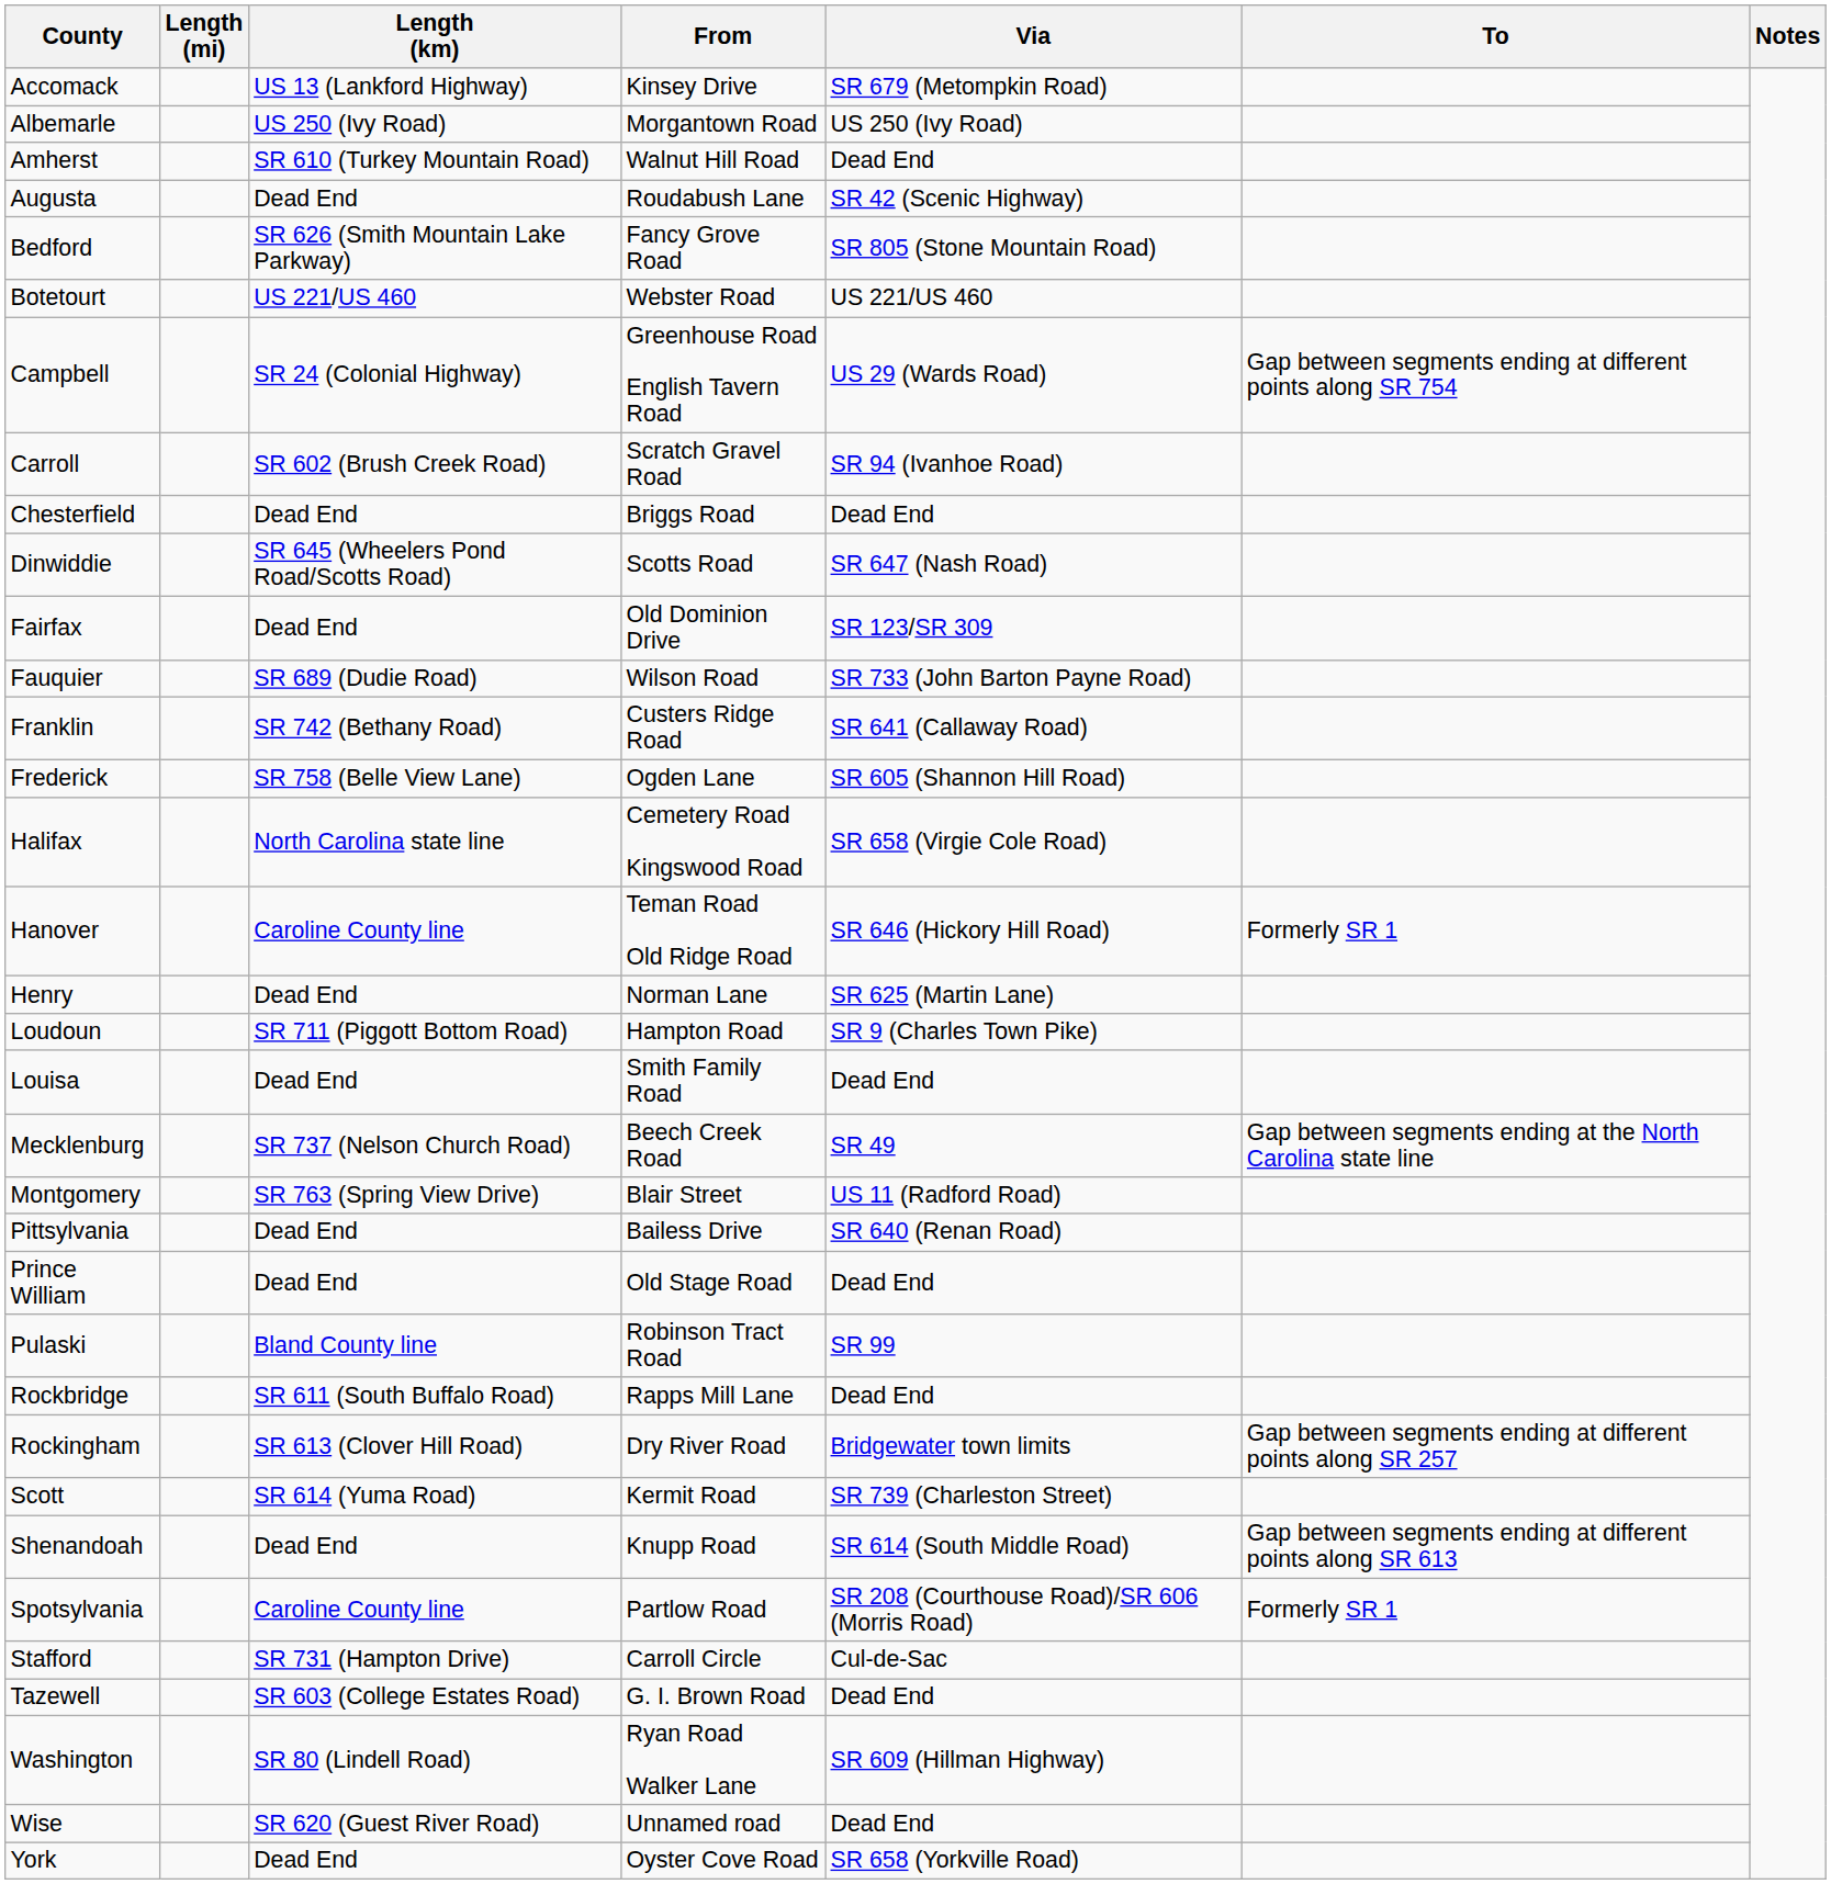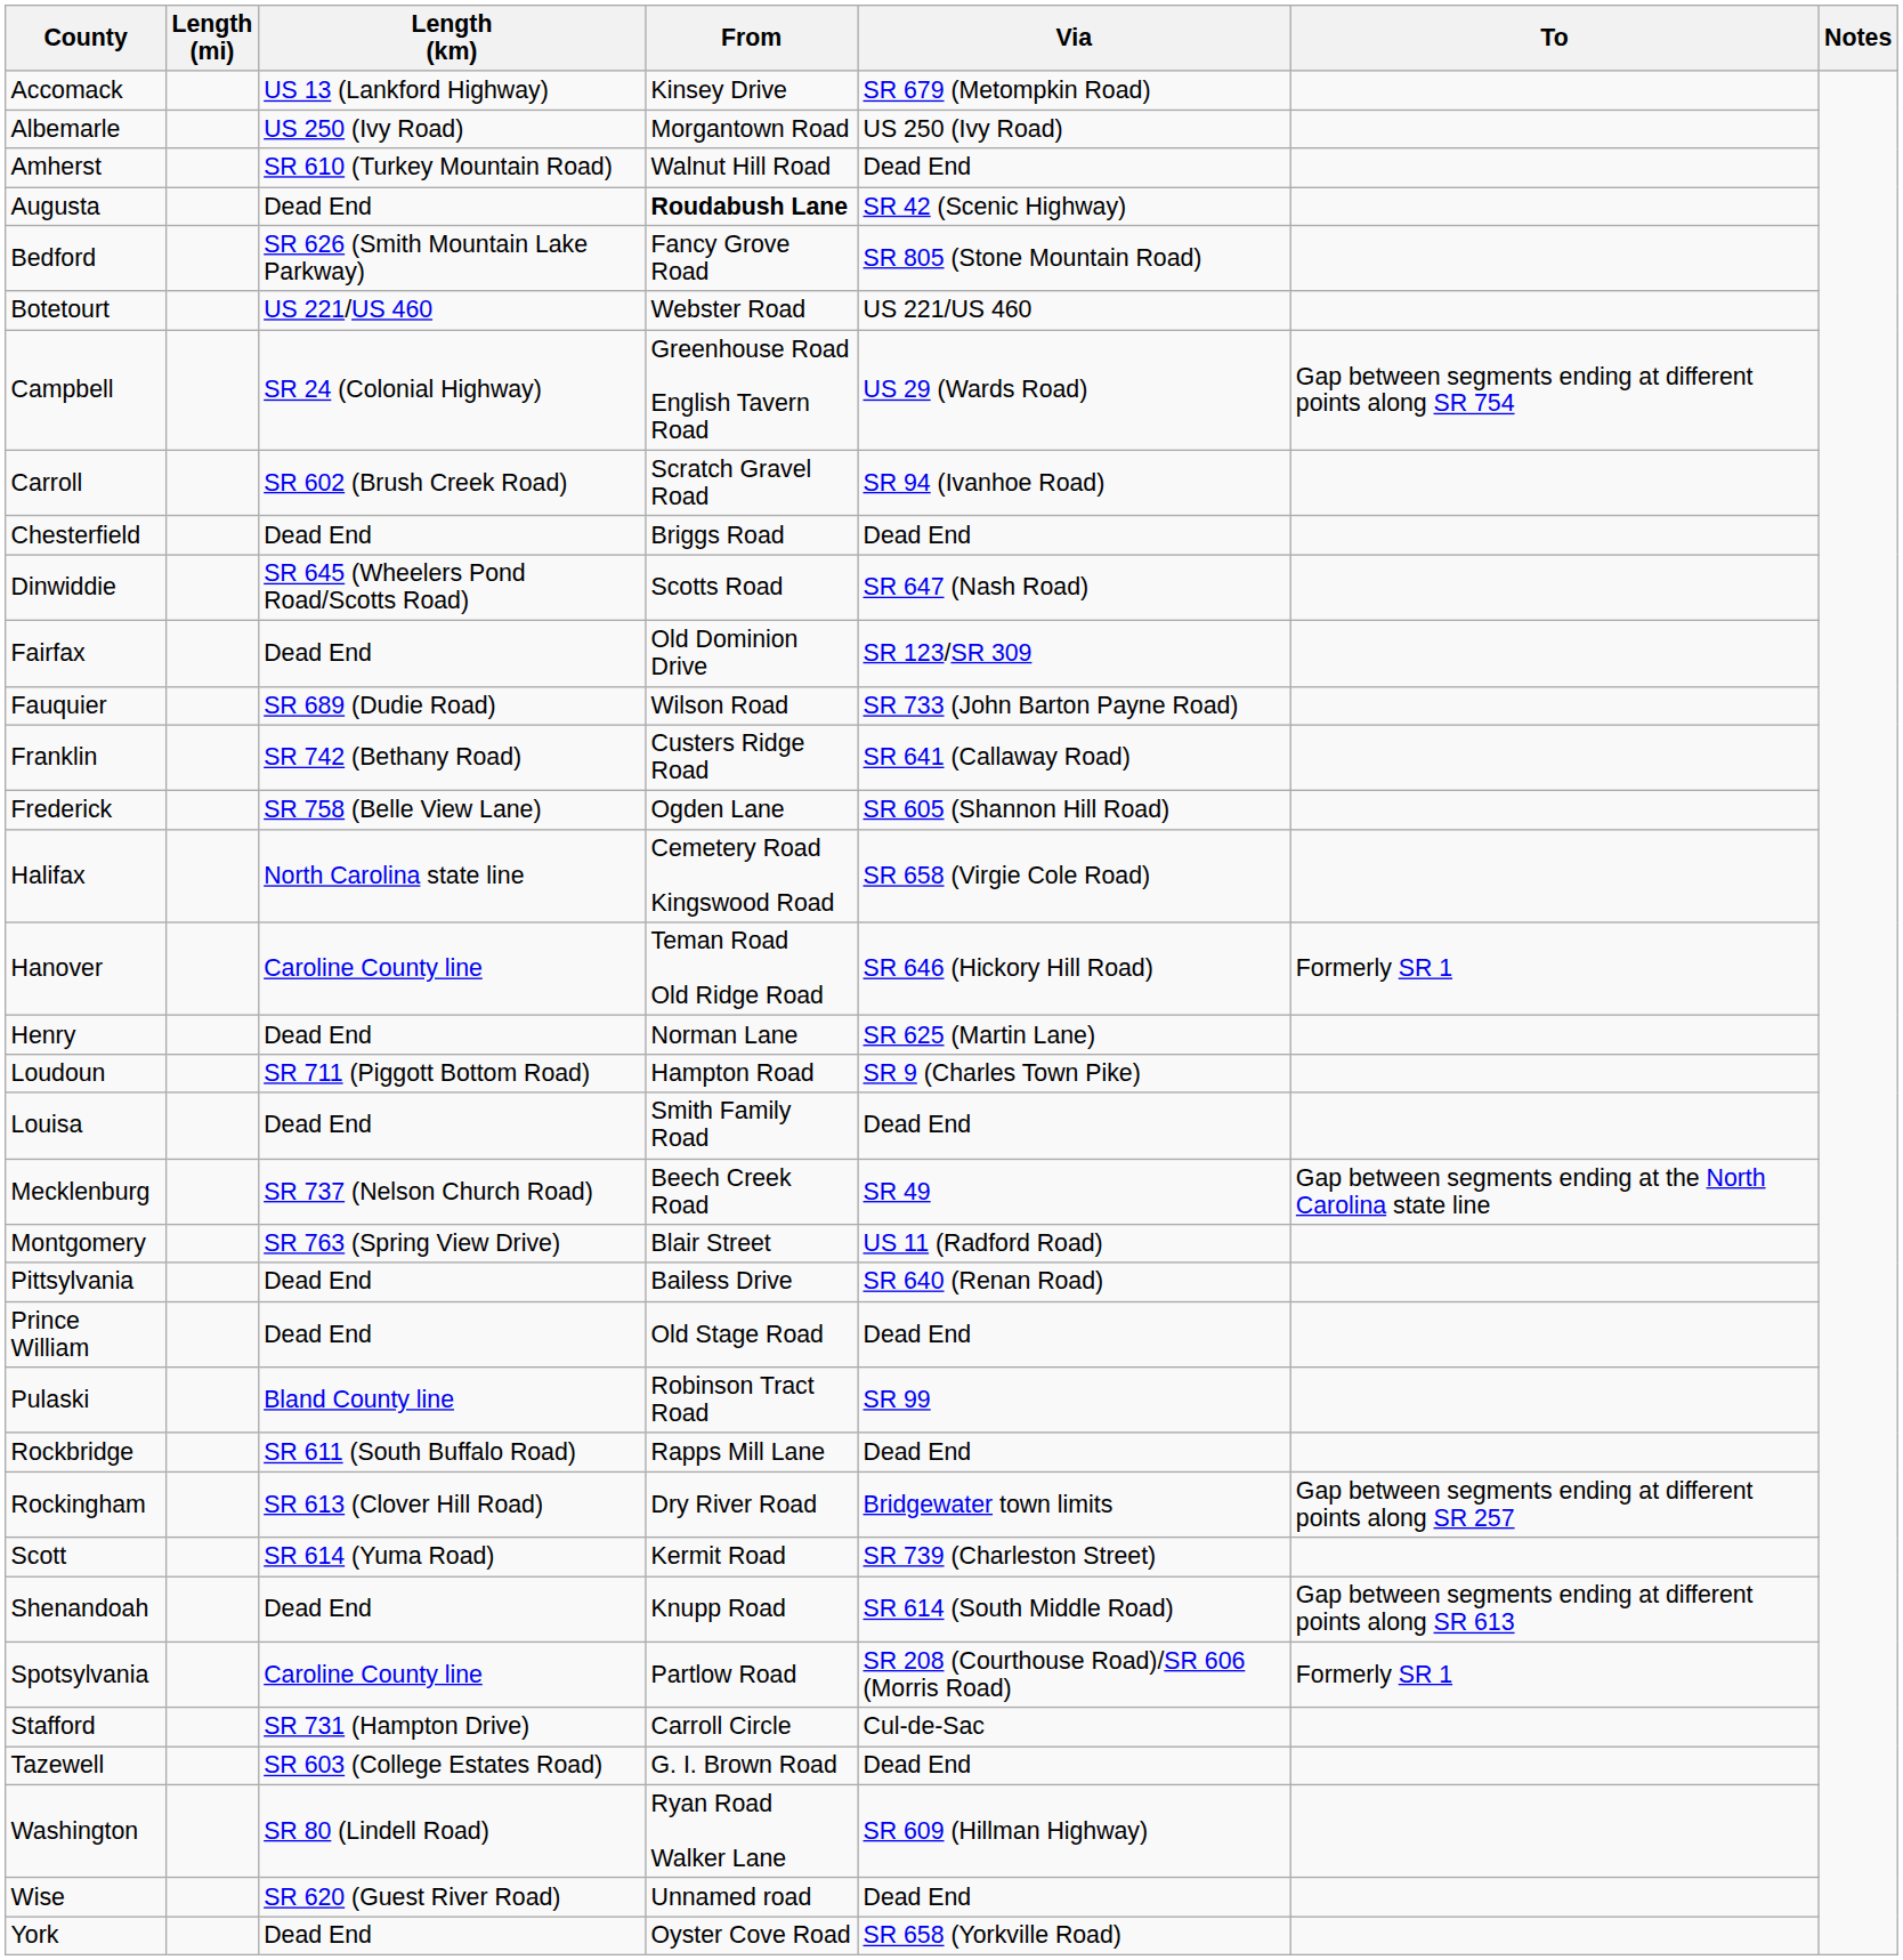 <table class="wikitable sortable">
 <tr>
 <th>County</th>
 <th>Length<br>(mi)</th>
 <th>Length<br>(km)</th>
 <th class="unsortable">From</th>
 <th class="unsortable">Via</th>
 <th class="unsortable">To</th>
 <th class="unsortable">Notes</th>
 </tr>
 <tr>
 <td id="Accomack">Accomack</td>
 <td></td>
 <td><a href='#'>US 13</a> (Lankford Highway)</td>
 <td>Kinsey Drive</td>
 <td><a href='#'>SR 679</a> (Metompkin Road)</td>
 <td></td>
 </tr>
 <tr>
 <td id="Albemarle">Albemarle</td>
 <td></td>
 <td><a href='#'>US 250</a> (Ivy Road)</td>
 <td>Morgantown Road</td>
 <td>US 250 (Ivy Road)</td>
 <td><br> </td>
 </tr>
 <tr>
 <td id="Amherst">Amherst</td>
 <td></td>
 <td><a href='#'>SR 610</a> (Turkey Mountain Road)</td>
 <td>Walnut Hill Road</td>
 <td>Dead End</td>
 <td><br> </td>
 </tr>
 <tr>
 <td id="Augusta">Augusta</td>
 <td></td>
 <td>Dead End</td>
-<td>Roudabush Lane</td>
+<td><strong>Roudabush Lane</strong></td>
 <td><a href='#'>SR 42</a> (Scenic Highway)</td>
 <td><br></td>
 </tr>
 <tr>
 <td id="Bedford">Bedford</td>
 <td></td>
 <td><a href='#'>SR 626</a> (Smith Mountain Lake Parkway)</td>
 <td>Fancy Grove Road</td>
 <td><a href='#'>SR 805</a> (Stone Mountain Road)</td>
 <td><br></td>
 </tr>
 <tr>
 <td id="Botetourt">Botetourt</td>
 <td></td>
 <td><a href='#'>US 221</a>/<a href='#'>US 460</a></td>
 <td>Webster Road</td>
 <td>US 221/US 460</td>
 <td><br>  </td>
 </tr>
 <tr>
 <td id="Campbell">Campbell</td>
 <td></td>
 <td><a href='#'>SR 24</a> (Colonial Highway)</td>
 <td>Greenhouse Road<br><br>English Tavern Road</td>
 <td><a href='#'>US 29</a> (Wards Road)</td>
 <td>Gap between segments ending at different points along <a href='#'>SR 754</a><br></td>
 </tr>
 <tr>
 <td id="Carroll">Carroll</td>
 <td></td>
 <td><a href='#'>SR 602</a> (Brush Creek Road)</td>
 <td>Scratch Gravel Road</td>
 <td><a href='#'>SR 94</a> (Ivanhoe Road)</td>
 <td><br> </td>
 </tr>
 <tr>
 <td id="Chesterfield">Chesterfield</td>
 <td></td>
 <td>Dead End</td>
 <td>Briggs Road</td>
 <td>Dead End</td>
 <td><br>    </td>
 </tr>
 <tr>
 <td id="Dinwiddie">Dinwiddie</td>
 <td></td>
 <td><a href='#'>SR 645</a> (Wheelers Pond Road/Scotts Road)</td>
 <td>Scotts Road</td>
 <td><a href='#'>SR 647</a> (Nash Road)</td>
 <td><br></td>
 </tr>
 <tr>
 <td id="Fairfax">Fairfax</td>
 <td></td>
 <td>Dead End</td>
 <td>Old Dominion Drive</td>
 <td><a href='#'>SR 123</a>/<a href='#'>SR 309</a></td>
 <td></td>
 </tr>
 <tr>
 <td id="Fauquier">Fauquier</td>
 <td></td>
 <td><a href='#'>SR 689</a> (Dudie Road)</td>
 <td>Wilson Road</td>
 <td><a href='#'>SR 733</a> (John Barton Payne Road)</td>
 <td><br> </td>
 </tr>
 <tr>
 <td id="Franklin">Franklin</td>
 <td></td>
 <td><a href='#'>SR 742</a> (Bethany Road)</td>
 <td>Custers Ridge Road</td>
 <td><a href='#'>SR 641</a> (Callaway Road)</td>
 <td></td>
 </tr>
 <tr>
 <td id="Frederick">Frederick</td>
 <td></td>
 <td><a href='#'>SR 758</a> (Belle View Lane)</td>
 <td>Ogden Lane</td>
 <td><a href='#'>SR 605</a> (Shannon Hill Road)</td>
 <td><br>     </td>
 </tr>
 <tr>
 <td id="Halifax">Halifax</td>
 <td></td>
 <td><a href='#'>North Carolina</a> state line</td>
 <td>Cemetery Road<br><br>Kingswood Road</td>
 <td><a href='#'>SR 658</a> (Virgie Cole Road)</td>
 <td></td>
 </tr>
 <tr>
 <td id="Hanover">Hanover</td>
 <td></td>
 <td><a href='#'>Caroline County line</a></td>
 <td>Teman Road<br><br>Old Ridge Road</td>
 <td><a href='#'>SR 646</a> (Hickory Hill Road)</td>
 <td>Formerly <a href='#'>SR 1</a><br></td>
 </tr>
 <tr>
 <td id="Henry">Henry</td>
 <td></td>
 <td>Dead End</td>
 <td>Norman Lane</td>
 <td><a href='#'>SR 625</a> (Martin Lane)</td>
 <td><br>       </td>
 </tr>
 <tr>
 <td id="Loudoun">Loudoun</td>
 <td></td>
 <td><a href='#'>SR 711</a> (Piggott Bottom Road)</td>
 <td>Hampton Road</td>
 <td><a href='#'>SR 9</a> (Charles Town Pike)</td>
 <td></td>
 </tr>
 <tr>
 <td id="Louisa">Louisa</td>
 <td></td>
 <td>Dead End</td>
 <td>Smith Family Road</td>
 <td>Dead End</td>
 <td><br>  </td>
 </tr>
 <tr>
 <td id="Mecklenburg">Mecklenburg</td>
 <td></td>
 <td><a href='#'>SR 737</a> (Nelson Church Road)</td>
 <td>Beech Creek Road</td>
 <td><a href='#'>SR 49</a></td>
 <td>Gap between segments ending at the <a href='#'>North Carolina</a> state line<br></td>
 </tr>
 <tr>
 <td id="Montgomery">Montgomery</td>
 <td></td>
 <td><a href='#'>SR 763</a> (Spring View Drive)</td>
 <td>Blair Street</td>
 <td><a href='#'>US 11</a> (Radford Road)</td>
 <td><br>       </td>
 </tr>
 <tr>
 <td id="Pittsylvania">Pittsylvania</td>
 <td></td>
 <td>Dead End</td>
 <td>Bailess Drive</td>
 <td><a href='#'>SR 640</a> (Renan Road)</td>
 <td><br>  </td>
 </tr>
 <tr>
 <td id="Prince William">Prince William</td>
 <td></td>
 <td>Dead End</td>
 <td>Old Stage Road</td>
 <td>Dead End</td>
 <td></td>
 </tr>
 <tr>
 <td id="Pulaski">Pulaski</td>
 <td></td>
 <td><a href='#'>Bland County line</a></td>
 <td>Robinson Tract Road</td>
 <td><a href='#'>SR 99</a></td>
 <td><br>  </td>
 </tr>
 <tr>
 <td id="Rockbridge">Rockbridge</td>
 <td></td>
 <td><a href='#'>SR 611</a> (South Buffalo Road)</td>
 <td>Rapps Mill Lane</td>
 <td>Dead End</td>
 <td></td>
 </tr>
 <tr>
 <td id="Rockingham">Rockingham</td>
 <td></td>
 <td><a href='#'>SR 613</a> (Clover Hill Road)</td>
 <td>Dry River Road</td>
 <td><a href='#'>Bridgewater</a> town limits</td>
 <td>Gap between segments ending at different points along <a href='#'>SR 257</a><br></td>
 </tr>
 <tr>
 <td id="Scott">Scott</td>
 <td></td>
 <td><a href='#'>SR 614</a> (Yuma Road)</td>
 <td>Kermit Road</td>
 <td><a href='#'>SR 739</a> (Charleston Street)</td>
 <td></td>
 </tr>
 <tr>
 <td id="Shenandoah">Shenandoah</td>
 <td></td>
 <td>Dead End</td>
 <td>Knupp Road</td>
 <td><a href='#'>SR 614</a> (South Middle Road)</td>
 <td>Gap between segments ending at different points along <a href='#'>SR 613</a><br> </td>
 </tr>
 <tr>
 <td id="Spotsylvania">Spotsylvania</td>
 <td></td>
 <td><a href='#'>Caroline County line</a></td>
 <td>Partlow Road</td>
 <td><a href='#'>SR 208</a> (Courthouse Road)/<a href='#'>SR 606</a> (Morris Road)</td>
 <td>Formerly <a href='#'>SR 1</a></td>
 </tr>
 <tr>
 <td id="Stafford">Stafford</td>
 <td></td>
 <td><a href='#'>SR 731</a> (Hampton Drive)</td>
 <td>Carroll Circle</td>
 <td>Cul-de-Sac</td>
 <td><br> </td>
 </tr>
 <tr>
 <td id="Tazewell">Tazewell</td>
 <td></td>
 <td><a href='#'>SR 603</a> (College Estates Road)</td>
 <td>G. I. Brown Road</td>
 <td>Dead End</td>
 <td><br></td>
 </tr>
 <tr>
 <td id="Washington">Washington</td>
 <td></td>
 <td><a href='#'>SR 80</a> (Lindell Road)</td>
 <td>Ryan Road<br><br>Walker Lane</td>
 <td><a href='#'>SR 609</a> (Hillman Highway)</td>
 <td><br></td>
 </tr>
 <tr>
 <td id="Wise">Wise</td>
 <td></td>
 <td><a href='#'>SR 620</a> (Guest River Road)</td>
 <td>Unnamed road</td>
 <td>Dead End</td>
 <td><br></td>
 </tr>
 <tr>
 <td id="York">York</td>
 <td></td>
 <td>Dead End</td>
 <td>Oyster Cove Road</td>
 <td><a href='#'>SR 658</a> (Yorkville Road)</td>
 <td></td>
 </tr>
 </table>
